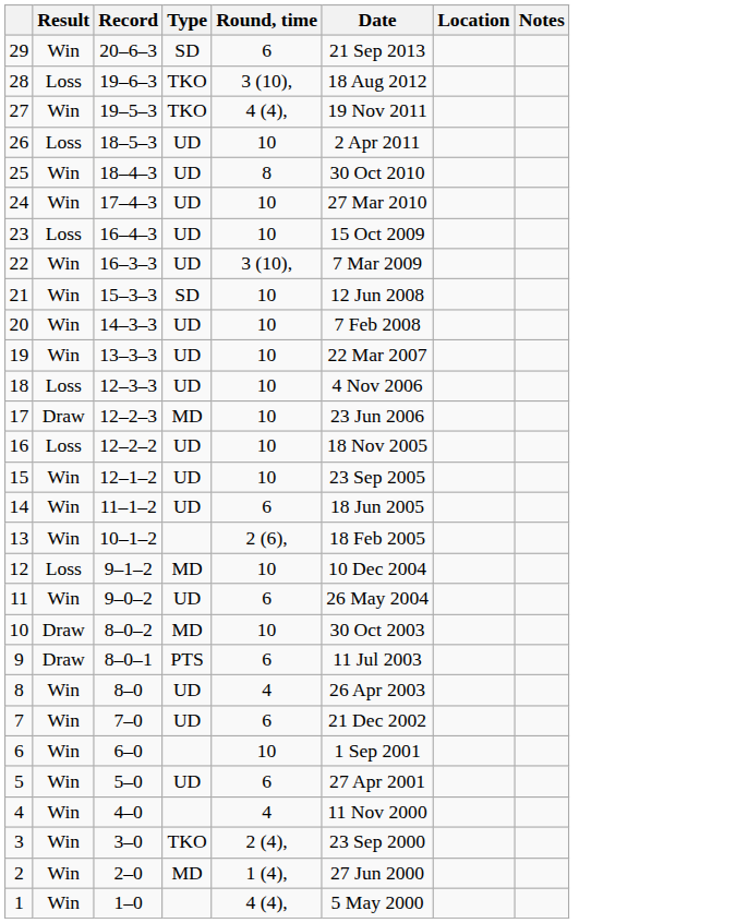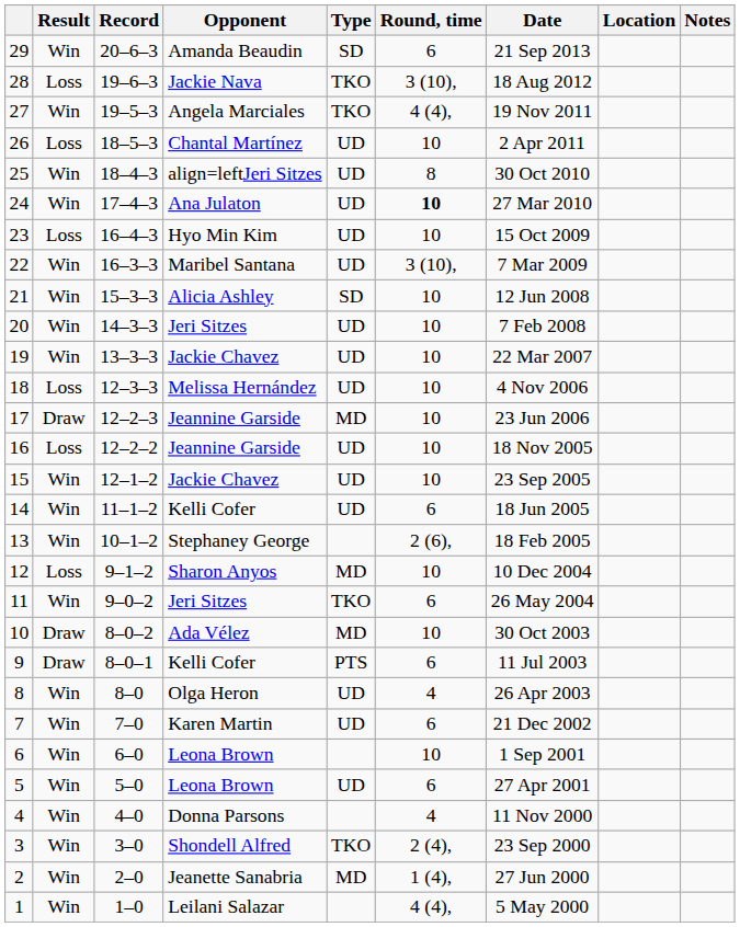 <table class=wikitable style=text-align:center>
 <tr>
 <th></th>
 <th>Result</th>
 <th>Record</th>
+<th>Opponent</th>
 <th>Type</th>
 <th>Round, time</th>
 <th>Date</th>
 <th>Location</th>
 <th>Notes</th>
 </tr>
 <tr>
 <td>29</td>
 <td>Win</td>
 <td>20–6–3</td>
+<td align=left>Amanda Beaudin</td>
 <td>SD</td>
 <td>6</td>
 <td>21 Sep 2013</td>
 <td align=left></td>
 <td align=left></td>
 </tr>
 <tr>
 <td>28</td>
 <td>Loss</td>
 <td>19–6–3</td>
+<td align=left><a href='#'>Jackie Nava</a></td>
 <td>TKO</td>
 <td>3 (10), </td>
 <td>18 Aug 2012</td>
 <td align=left></td>
 <td align=left></td>
 </tr>
 <tr>
 <td>27</td>
 <td>Win</td>
 <td>19–5–3</td>
+<td align=left>Angela Marciales</td>
 <td>TKO</td>
 <td>4 (4), </td>
 <td>19 Nov 2011</td>
 <td align=left></td>
 <td align=left></td>
 </tr>
 <tr>
 <td>26</td>
 <td>Loss</td>
 <td>18–5–3</td>
+<td align=left><a href='#'>Chantal Martínez</a></td>
 <td>UD</td>
 <td>10</td>
 <td>2 Apr 2011</td>
 <td align=left></td>
 <td align=left></td>
 </tr>
 <tr>
 <td>25</td>
 <td>Win</td>
 <td>18–4–3</td>
+<td>align=left<a href='#'>Jeri Sitzes</a></td>
 <td>UD</td>
 <td>8</td>
 <td>30 Oct 2010</td>
 <td align=left></td>
 <td align=left></td>
 </tr>
 <tr>
 <td>24</td>
 <td>Win</td>
 <td>17–4–3</td>
+<td align=left><a href='#'>Ana Julaton</a></td>
 <td>UD</td>
-<td>10</td>
+<td><strong>10</strong></td>
 <td>27 Mar 2010</td>
 <td align=left></td>
 <td align=left></td>
 </tr>
 <tr>
 <td>23</td>
 <td>Loss</td>
 <td>16–4–3</td>
+<td align=left>Hyo Min Kim</td>
 <td>UD</td>
 <td>10</td>
 <td>15 Oct 2009</td>
 <td align=left></td>
 <td align=left></td>
 </tr>
 <tr>
 <td>22</td>
 <td>Win</td>
 <td>16–3–3</td>
+<td align=left>Maribel Santana</td>
 <td>UD</td>
 <td>3 (10), </td>
 <td>7 Mar 2009</td>
 <td align=left></td>
 <td align=left></td>
 </tr>
 <tr>
 <td>21</td>
 <td>Win</td>
 <td>15–3–3</td>
+<td align=left><a href='#'>Alicia Ashley</a></td>
 <td>SD</td>
 <td>10</td>
 <td>12 Jun 2008</td>
 <td align=left></td>
 <td align=left></td>
 </tr>
 <tr>
 <td>20</td>
 <td>Win</td>
 <td>14–3–3</td>
+<td align=left><a href='#'>Jeri Sitzes</a></td>
 <td>UD</td>
 <td>10</td>
 <td>7 Feb 2008</td>
 <td align=left></td>
 <td align=left></td>
 </tr>
 <tr>
 <td>19</td>
 <td>Win</td>
 <td>13–3–3</td>
+<td align=left><a href='#'>Jackie Chavez</a></td>
 <td>UD</td>
 <td>10</td>
 <td>22 Mar 2007</td>
 <td align=left></td>
 <td align=left></td>
 </tr>
 <tr>
 <td>18</td>
 <td>Loss</td>
 <td>12–3–3</td>
+<td align=left><a href='#'>Melissa Hernández</a></td>
 <td>UD</td>
 <td>10</td>
 <td>4 Nov 2006</td>
 <td align=left></td>
 <td align=left></td>
 </tr>
 <tr>
 <td>17</td>
 <td>Draw</td>
 <td>12–2–3</td>
+<td align=left><a href='#'>Jeannine Garside</a></td>
 <td>MD</td>
 <td>10</td>
 <td>23 Jun 2006</td>
 <td align=left></td>
 <td align=left></td>
 </tr>
 <tr>
 <td>16</td>
 <td>Loss</td>
 <td>12–2–2</td>
+<td align=left><a href='#'>Jeannine Garside</a></td>
 <td>UD</td>
 <td>10</td>
 <td>18 Nov 2005</td>
 <td align=left></td>
 <td align=left></td>
 </tr>
 <tr>
 <td>15</td>
 <td>Win</td>
 <td>12–1–2</td>
+<td align=left><a href='#'>Jackie Chavez</a></td>
 <td>UD</td>
 <td>10</td>
 <td>23 Sep 2005</td>
 <td align=left></td>
 <td align=left></td>
 </tr>
 <tr>
 <td>14</td>
 <td>Win</td>
 <td>11–1–2</td>
+<td align=left>Kelli Cofer</td>
 <td>UD</td>
 <td>6</td>
 <td>18 Jun 2005</td>
 <td align=left></td>
 <td align=left></td>
 </tr>
 <tr>
 <td>13</td>
 <td>Win</td>
 <td>10–1–2</td>
+<td align=left>Stephaney George</td>
 <td></td>
 <td>2 (6), </td>
 <td>18 Feb 2005</td>
 <td align=left></td>
 <td align=left></td>
 </tr>
 <tr>
 <td>12</td>
 <td>Loss</td>
 <td>9–1–2</td>
+<td align=left><a href='#'>Sharon Anyos</a></td>
 <td>MD</td>
 <td>10</td>
 <td>10 Dec 2004</td>
 <td align=left></td>
 <td align=left></td>
 </tr>
 <tr>
 <td>11</td>
 <td>Win</td>
 <td>9–0–2</td>
-<td>UD</td>
+<td align=left><a href='#'>Jeri Sitzes</a></td>
+<td>TKO</td>
 <td>6</td>
 <td>26 May 2004</td>
 <td align=left></td>
 <td align=left></td>
 </tr>
 <tr>
 <td>10</td>
 <td>Draw</td>
 <td>8–0–2</td>
+<td align=left><a href='#'>Ada Vélez</a></td>
 <td>MD</td>
 <td>10</td>
 <td>30 Oct 2003</td>
 <td align=left></td>
 <td align=left></td>
 </tr>
 <tr>
 <td>9</td>
 <td>Draw</td>
 <td>8–0–1</td>
+<td align=left>Kelli Cofer</td>
 <td>PTS</td>
 <td>6</td>
 <td>11 Jul 2003</td>
 <td align=left></td>
 <td align=left></td>
 </tr>
 <tr>
 <td>8</td>
 <td>Win</td>
 <td>8–0</td>
+<td align=left>Olga Heron</td>
 <td>UD</td>
 <td>4</td>
 <td>26 Apr 2003</td>
 <td align=left></td>
 <td align=left></td>
 </tr>
 <tr>
 <td>7</td>
 <td>Win</td>
 <td>7–0</td>
+<td align=left>Karen Martin</td>
 <td>UD</td>
 <td>6</td>
 <td>21 Dec 2002</td>
 <td align=left></td>
 <td align=left></td>
 </tr>
 <tr>
 <td>6</td>
 <td>Win</td>
 <td>6–0</td>
+<td align=left><a href='#'>Leona Brown</a></td>
 <td></td>
 <td>10</td>
 <td>1 Sep 2001</td>
 <td align=left></td>
 <td align=left></td>
 </tr>
 <tr>
 <td>5</td>
 <td>Win</td>
 <td>5–0</td>
+<td align=left><a href='#'>Leona Brown</a></td>
 <td>UD</td>
 <td>6</td>
 <td>27 Apr 2001</td>
 <td align=left></td>
 <td align=left></td>
 </tr>
 <tr>
 <td>4</td>
 <td>Win</td>
 <td>4–0</td>
+<td align=left>Donna Parsons</td>
 <td></td>
 <td>4</td>
 <td>11 Nov 2000</td>
 <td align=left></td>
 <td align=left></td>
 </tr>
 <tr>
 <td>3</td>
 <td>Win</td>
 <td>3–0</td>
+<td align=left><a href='#'>Shondell Alfred</a></td>
 <td>TKO</td>
 <td>2 (4), </td>
 <td>23 Sep 2000</td>
 <td align=left></td>
 <td align=left></td>
 </tr>
 <tr>
 <td>2</td>
 <td>Win</td>
 <td>2–0</td>
+<td align=left>Jeanette Sanabria</td>
 <td>MD</td>
 <td>1 (4), </td>
 <td>27 Jun 2000</td>
 <td align=left></td>
 <td align=left></td>
 </tr>
 <tr>
 <td>1</td>
 <td>Win</td>
 <td>1–0</td>
+<td align=left>Leilani Salazar</td>
 <td></td>
 <td>4 (4), </td>
 <td>5 May 2000</td>
 <td align=left></td>
 <td align=left></td>
 </tr>
 </table>
